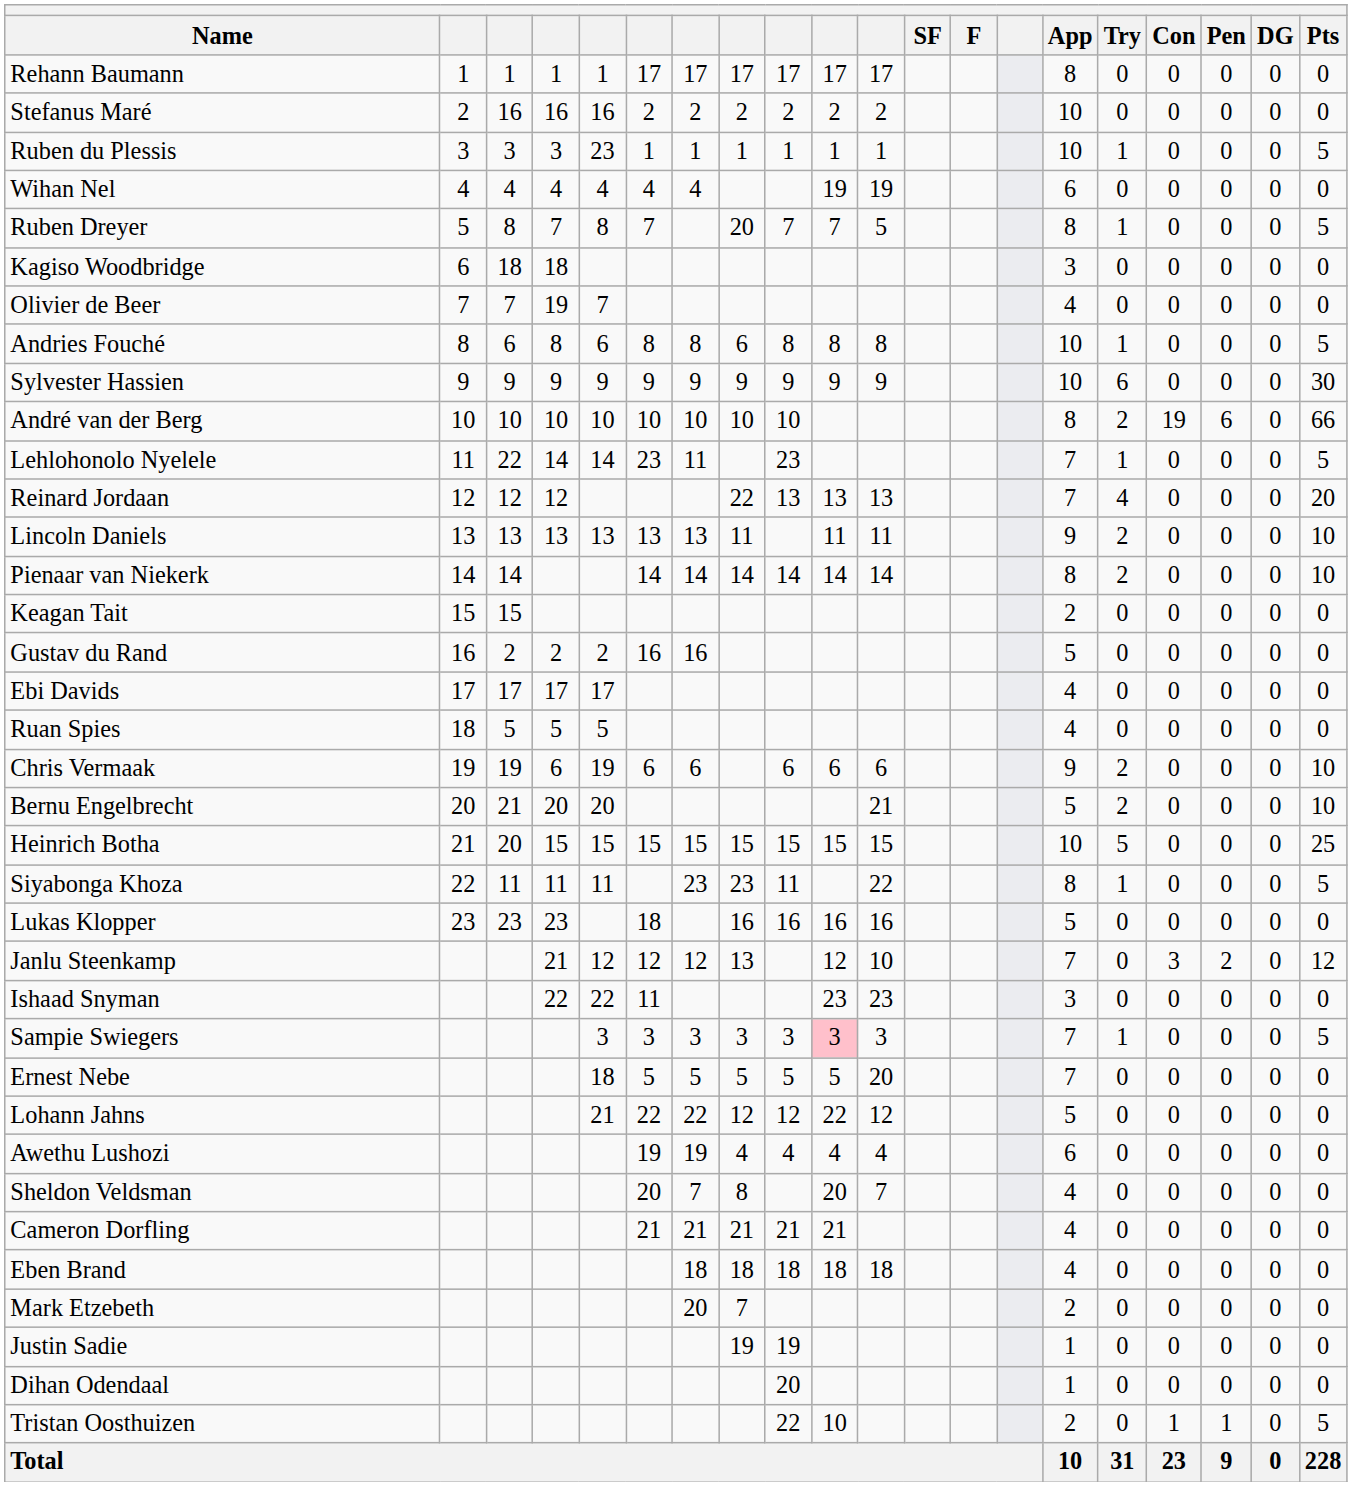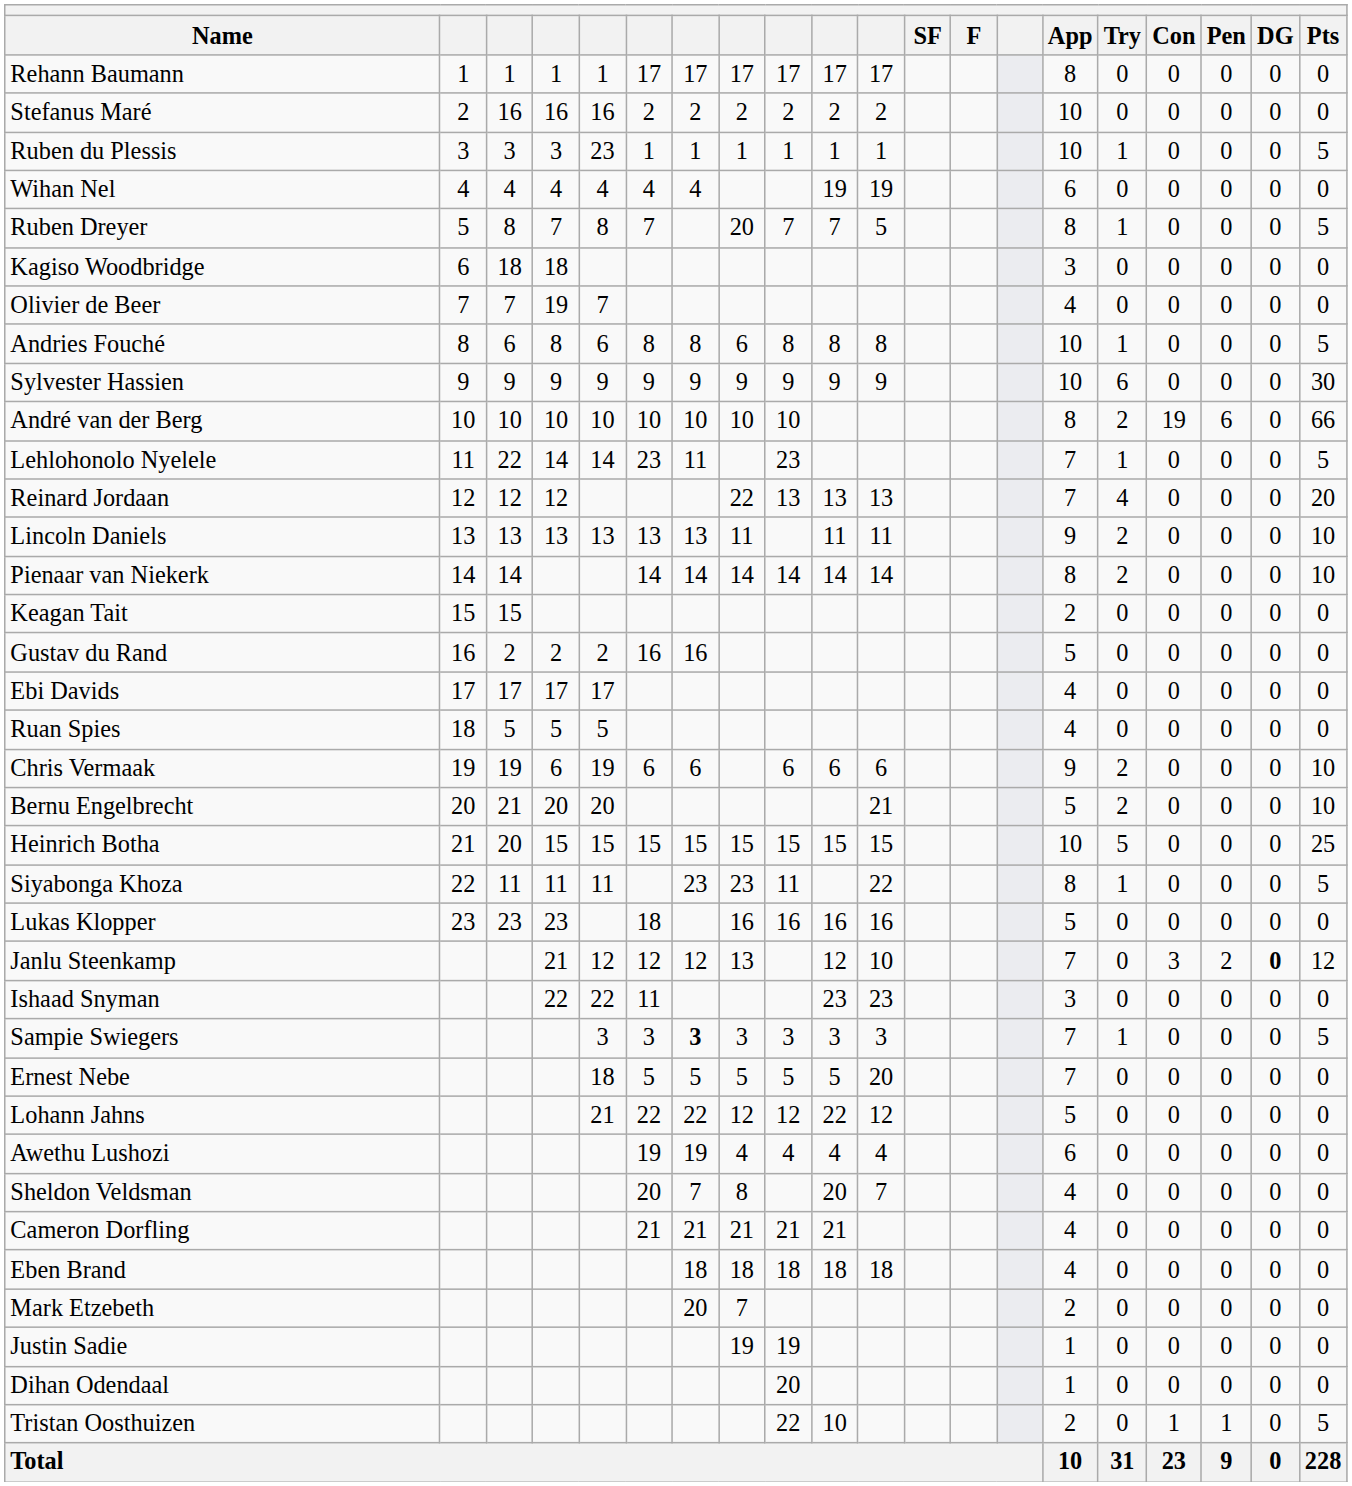 <table class="wikitable collapsible collapsed" style="text-align:center; font-size:100%; width:100%">
 <tr>
 <th colspan="100%"></th>
 </tr>
 <tr>
 <th style="width:33.5%;">Name</th>
 <th style="width:3.5%;"></th>
 <th style="width:3.5%;"></th>
 <th style="width:3.5%;"></th>
 <th style="width:3.5%;"></th>
 <th style="width:3.5%;"></th>
 <th style="width:3.5%;"></th>
 <th style="width:3.5%;"></th>
 <th style="width:3.5%;"></th>
 <th style="width:3.5%;"></th>
 <th style="width:3.5%;"></th>
 <th style="width:3.5%;">SF</th>
 <th style="width:3.5%;">F</th>
 <th style="width:3.5%;"></th>
 <th style="width:3.5%;">App</th>
 <th style="width:3.5%;">Try</th>
 <th style="width:3.5%;">Con</th>
 <th style="width:3.5%;">Pen</th>
 <th style="width:3.5%;">DG</th>
 <th style="width:3.5%;">Pts</th>
 </tr>
 <tr>
 <td style="text-align:left;">Rehann Baumann</td>
 <td>1</td>
 <td>1</td>
 <td>1</td>
 <td>1</td>
 <td>17 </td>
 <td>17</td>
 <td>17 </td>
 <td>17 </td>
 <td>17</td>
 <td>17 </td>
 <td></td>
 <td></td>
 <td style="background:#EBECF0;"></td>
 <td>8</td>
 <td>0</td>
 <td>0</td>
 <td>0</td>
 <td>0</td>
 <td>0</td>
 </tr>
 <tr>
 <td style="text-align:left;">Stefanus Maré</td>
 <td>2</td>
 <td>16 </td>
 <td>16 </td>
 <td>16 </td>
 <td>2</td>
 <td>2</td>
 <td>2</td>
 <td>2</td>
 <td>2</td>
 <td>2</td>
 <td></td>
 <td></td>
 <td style="background:#EBECF0;"></td>
 <td>10</td>
 <td>0</td>
 <td>0</td>
 <td>0</td>
 <td>0</td>
 <td>0</td>
 </tr>
 <tr>
 <td style="text-align:left;">Ruben du Plessis</td>
 <td>3</td>
 <td>3</td>
 <td>3</td>
 <td>23 </td>
 <td>1</td>
 <td>1</td>
 <td>1</td>
 <td>1</td>
 <td>1</td>
 <td>1</td>
 <td></td>
 <td></td>
 <td style="background:#EBECF0;"></td>
 <td>10</td>
 <td>1</td>
 <td>0</td>
 <td>0</td>
 <td>0</td>
 <td>5</td>
 </tr>
 <tr>
 <td style="text-align:left;">Wihan Nel</td>
 <td>4</td>
 <td>4</td>
 <td>4</td>
 <td>4</td>
 <td>4</td>
 <td>4</td>
 <td></td>
 <td></td>
 <td>19</td>
 <td>19</td>
 <td></td>
 <td></td>
 <td style="background:#EBECF0;"></td>
 <td>6</td>
 <td>0</td>
 <td>0</td>
 <td>0</td>
 <td>0</td>
 <td>0</td>
 </tr>
 <tr>
 <td style="text-align:left;">Ruben Dreyer</td>
 <td>5</td>
 <td>8</td>
 <td>7</td>
 <td>8</td>
 <td>7</td>
 <td></td>
 <td>20</td>
 <td>7</td>
 <td>7</td>
 <td>5</td>
 <td></td>
 <td></td>
 <td style="background:#EBECF0;"></td>
 <td>8</td>
 <td>1</td>
 <td>0</td>
 <td>0</td>
 <td>0</td>
 <td>5</td>
 </tr>
 <tr>
 <td style="text-align:left;">Kagiso Woodbridge</td>
 <td>6</td>
 <td>18 </td>
 <td>18 </td>
 <td></td>
 <td></td>
 <td></td>
 <td></td>
 <td></td>
 <td></td>
 <td></td>
 <td></td>
 <td></td>
 <td style="background:#EBECF0;"></td>
 <td>3</td>
 <td>0</td>
 <td>0</td>
 <td>0</td>
 <td>0</td>
 <td>0</td>
 </tr>
 <tr>
 <td style="text-align:left;">Olivier de Beer</td>
 <td>7</td>
 <td>7</td>
 <td>19 </td>
 <td>7</td>
 <td></td>
 <td></td>
 <td></td>
 <td></td>
 <td></td>
 <td></td>
 <td></td>
 <td></td>
 <td style="background:#EBECF0;"></td>
 <td>4</td>
 <td>0</td>
 <td>0</td>
 <td>0</td>
 <td>0</td>
 <td>0</td>
 </tr>
 <tr>
 <td style="text-align:left;">Andries Fouché</td>
 <td>8</td>
 <td>6</td>
 <td>8</td>
 <td>6</td>
 <td>8</td>
 <td>8</td>
 <td>6</td>
 <td>8</td>
 <td>8</td>
 <td>8</td>
 <td></td>
 <td></td>
 <td style="background:#EBECF0;"></td>
 <td>10</td>
 <td>1</td>
 <td>0</td>
 <td>0</td>
 <td>0</td>
 <td>5</td>
 </tr>
 <tr>
 <td style="text-align:left;">Sylvester Hassien</td>
 <td>9</td>
 <td>9</td>
 <td>9</td>
 <td>9</td>
 <td>9</td>
 <td>9</td>
 <td>9</td>
 <td>9</td>
 <td>9</td>
 <td>9</td>
 <td></td>
 <td></td>
 <td style="background:#EBECF0;"></td>
 <td>10</td>
 <td>6</td>
 <td>0</td>
 <td>0</td>
 <td>0</td>
 <td>30</td>
 </tr>
 <tr>
 <td style="text-align:left;">André van der Berg</td>
 <td>10</td>
 <td>10</td>
 <td>10</td>
 <td>10</td>
 <td>10</td>
 <td>10</td>
 <td>10</td>
 <td>10</td>
 <td></td>
 <td></td>
 <td></td>
 <td></td>
 <td style="background:#EBECF0;"></td>
 <td>8</td>
 <td>2</td>
 <td>19</td>
 <td>6</td>
 <td>0</td>
 <td>66</td>
 </tr>
 <tr>
 <td style="text-align:left;">Lehlohonolo Nyelele</td>
 <td>11</td>
 <td>22 </td>
 <td>14</td>
 <td>14</td>
 <td>23 </td>
 <td>11</td>
 <td></td>
 <td>23 </td>
 <td></td>
 <td></td>
 <td></td>
 <td></td>
 <td style="background:#EBECF0;"></td>
 <td>7</td>
 <td>1</td>
 <td>0</td>
 <td>0</td>
 <td>0</td>
 <td>5</td>
 </tr>
 <tr>
 <td style="text-align:left;">Reinard Jordaan</td>
 <td>12</td>
 <td>12</td>
 <td>12</td>
 <td></td>
 <td></td>
 <td></td>
 <td>22 </td>
 <td>13</td>
 <td>13</td>
 <td>13</td>
 <td></td>
 <td></td>
 <td style="background:#EBECF0;"></td>
 <td>7</td>
 <td>4</td>
 <td>0</td>
 <td>0</td>
 <td>0</td>
 <td>20</td>
 </tr>
 <tr>
 <td style="text-align:left;">Lincoln Daniels</td>
 <td>13</td>
 <td>13</td>
 <td>13</td>
 <td>13</td>
 <td>13</td>
 <td>13</td>
 <td>11</td>
 <td></td>
 <td>11</td>
 <td>11</td>
 <td></td>
 <td></td>
 <td style="background:#EBECF0;"></td>
 <td>9</td>
 <td>2</td>
 <td>0</td>
 <td>0</td>
 <td>0</td>
 <td>10</td>
 </tr>
 <tr>
 <td style="text-align:left;">Pienaar van Niekerk</td>
 <td>14</td>
 <td>14</td>
 <td></td>
 <td></td>
 <td>14</td>
 <td>14</td>
 <td>14</td>
 <td>14</td>
 <td>14</td>
 <td>14</td>
 <td></td>
 <td></td>
 <td style="background:#EBECF0;"></td>
 <td>8</td>
 <td>2</td>
 <td>0</td>
 <td>0</td>
 <td>0</td>
 <td>10</td>
 </tr>
 <tr>
 <td style="text-align:left;">Keagan Tait</td>
 <td>15</td>
 <td>15</td>
 <td></td>
 <td></td>
 <td></td>
 <td></td>
 <td></td>
 <td></td>
 <td></td>
 <td></td>
 <td></td>
 <td></td>
 <td style="background:#EBECF0;"></td>
 <td>2</td>
 <td>0</td>
 <td>0</td>
 <td>0</td>
 <td>0</td>
 <td>0</td>
 </tr>
 <tr>
 <td style="text-align:left;">Gustav du Rand</td>
 <td>16 </td>
 <td>2</td>
 <td>2</td>
 <td>2</td>
 <td>16</td>
 <td>16 </td>
 <td></td>
 <td></td>
 <td></td>
 <td></td>
 <td></td>
 <td></td>
 <td style="background:#EBECF0;"></td>
 <td>5</td>
 <td>0</td>
 <td>0</td>
 <td>0</td>
 <td>0</td>
 <td>0</td>
 </tr>
 <tr>
 <td style="text-align:left;">Ebi Davids</td>
 <td>17 </td>
 <td>17 </td>
 <td>17 </td>
 <td>17 </td>
 <td></td>
 <td></td>
 <td></td>
 <td></td>
 <td></td>
 <td></td>
 <td></td>
 <td></td>
 <td style="background:#EBECF0;"></td>
 <td>4</td>
 <td>0</td>
 <td>0</td>
 <td>0</td>
 <td>0</td>
 <td>0</td>
 </tr>
 <tr>
 <td style="text-align:left;">Ruan Spies</td>
 <td>18 </td>
 <td>5</td>
 <td>5</td>
 <td>5</td>
 <td></td>
 <td></td>
 <td></td>
 <td></td>
 <td></td>
 <td></td>
 <td></td>
 <td></td>
 <td style="background:#EBECF0;"></td>
 <td>4</td>
 <td>0</td>
 <td>0</td>
 <td>0</td>
 <td>0</td>
 <td>0</td>
 </tr>
 <tr>
 <td style="text-align:left;">Chris Vermaak</td>
 <td>19 </td>
 <td>19 </td>
 <td>6</td>
 <td>19 </td>
 <td>6</td>
 <td>6</td>
 <td></td>
 <td>6</td>
 <td>6</td>
 <td>6</td>
 <td></td>
 <td></td>
 <td style="background:#EBECF0;"></td>
 <td>9</td>
 <td>2</td>
 <td>0</td>
 <td>0</td>
 <td>0</td>
 <td>10</td>
 </tr>
 <tr>
 <td style="text-align:left;">Bernu Engelbrecht</td>
 <td>20 </td>
 <td>21 </td>
 <td>20 </td>
 <td>20 </td>
 <td></td>
 <td></td>
 <td></td>
 <td></td>
 <td></td>
 <td>21 </td>
 <td></td>
 <td></td>
 <td style="background:#EBECF0;"></td>
 <td>5</td>
 <td>2</td>
 <td>0</td>
 <td>0</td>
 <td>0</td>
 <td>10</td>
 </tr>
 <tr>
 <td style="text-align:left;">Heinrich Botha</td>
 <td>21 </td>
 <td>20 </td>
 <td>15</td>
 <td>15</td>
 <td>15</td>
 <td>15</td>
 <td>15</td>
 <td>15</td>
 <td>15</td>
 <td>15</td>
 <td></td>
 <td></td>
 <td style="background:#EBECF0;"></td>
 <td>10</td>
 <td>5</td>
 <td>0</td>
 <td>0</td>
 <td>0</td>
 <td>25</td>
 </tr>
 <tr>
 <td style="text-align:left;">Siyabonga Khoza</td>
 <td>22 </td>
 <td>11</td>
 <td>11</td>
 <td>11</td>
 <td></td>
 <td>23 </td>
 <td>23 </td>
 <td>11</td>
 <td></td>
 <td>22 </td>
 <td></td>
 <td></td>
 <td style="background:#EBECF0;"></td>
 <td>8</td>
 <td>1</td>
 <td>0</td>
 <td>0</td>
 <td>0</td>
 <td>5</td>
 </tr>
 <tr>
 <td style="text-align:left;">Lukas Klopper</td>
 <td>23</td>
 <td>23 </td>
 <td>23 </td>
 <td></td>
 <td>18 </td>
 <td></td>
 <td>16 </td>
 <td>16 </td>
 <td>16</td>
 <td>16</td>
 <td></td>
 <td></td>
 <td style="background:#EBECF0;"></td>
 <td>5</td>
 <td>0</td>
 <td>0</td>
 <td>0</td>
 <td>0</td>
 <td>0</td>
 </tr>
 <tr>
 <td style="text-align:left;">Janlu Steenkamp</td>
 <td></td>
 <td></td>
 <td>21 </td>
 <td>12</td>
 <td>12</td>
 <td>12</td>
 <td>13</td>
 <td></td>
 <td>12</td>
 <td>10</td>
 <td></td>
 <td></td>
 <td style="background:#EBECF0;"></td>
 <td>7</td>
 <td>0</td>
 <td>3</td>
 <td>2</td>
-<td>0</td>
+<td><strong>0</strong></td>
 <td>12</td>
 </tr>
 <tr>
 <td style="text-align:left;">Ishaad Snyman</td>
 <td></td>
 <td></td>
 <td>22 </td>
 <td>22</td>
 <td>11</td>
 <td></td>
 <td></td>
 <td></td>
 <td>23</td>
 <td>23 </td>
 <td></td>
 <td></td>
 <td style="background:#EBECF0;"></td>
 <td>3</td>
 <td>0</td>
 <td>0</td>
 <td>0</td>
 <td>0</td>
 <td>0</td>
 </tr>
 <tr>
 <td style="text-align:left;">Sampie Swiegers</td>
 <td></td>
 <td></td>
 <td></td>
 <td>3</td>
 <td>3</td>
+<td><strong>3</strong></td>
 <td>3</td>
 <td>3</td>
 <td>3</td>
-<td style="background: pink;">3</td>
 <td>3</td>
 <td></td>
 <td></td>
 <td style="background:#EBECF0;"></td>
 <td>7</td>
 <td>1</td>
 <td>0</td>
 <td>0</td>
 <td>0</td>
 <td>5</td>
 </tr>
 <tr>
 <td style="text-align:left;">Ernest Nebe</td>
 <td></td>
 <td></td>
 <td></td>
 <td>18 </td>
 <td>5</td>
 <td>5</td>
 <td>5</td>
 <td>5</td>
 <td>5</td>
 <td>20 </td>
 <td></td>
 <td></td>
 <td style="background:#EBECF0;"></td>
 <td>7</td>
 <td>0</td>
 <td>0</td>
 <td>0</td>
 <td>0</td>
 <td>0</td>
 </tr>
 <tr>
 <td style="text-align:left;">Lohann Jahns</td>
 <td></td>
 <td></td>
 <td></td>
 <td>21</td>
 <td>22 </td>
 <td>22 </td>
 <td>12</td>
 <td>12</td>
 <td>22</td>
 <td>12</td>
 <td></td>
 <td></td>
 <td style="background:#EBECF0;"></td>
 <td>5</td>
 <td>0</td>
 <td>0</td>
 <td>0</td>
 <td>0</td>
 <td>0</td>
 </tr>
 <tr>
 <td style="text-align:left;">Awethu Lushozi</td>
 <td></td>
 <td></td>
 <td></td>
 <td></td>
 <td>19 </td>
 <td>19 </td>
 <td>4</td>
 <td>4</td>
 <td>4</td>
 <td>4</td>
 <td></td>
 <td></td>
 <td style="background:#EBECF0;"></td>
 <td>6</td>
 <td>0</td>
 <td>0</td>
 <td>0</td>
 <td>0</td>
 <td>0</td>
 </tr>
 <tr>
 <td style="text-align:left;">Sheldon Veldsman</td>
 <td></td>
 <td></td>
 <td></td>
 <td></td>
 <td>20 </td>
 <td>7</td>
 <td>8</td>
 <td></td>
 <td>20</td>
 <td>7</td>
 <td></td>
 <td></td>
 <td style="background:#EBECF0;"></td>
 <td>4</td>
 <td>0</td>
 <td>0</td>
 <td>0</td>
 <td>0</td>
 <td>0</td>
 </tr>
 <tr>
 <td style="text-align:left;">Cameron Dorfling</td>
 <td></td>
 <td></td>
 <td></td>
 <td></td>
 <td>21 </td>
 <td>21 </td>
 <td>21 </td>
 <td>21 </td>
 <td>21</td>
 <td></td>
 <td></td>
 <td></td>
 <td style="background:#EBECF0;"></td>
 <td>4</td>
 <td>0</td>
 <td>0</td>
 <td>0</td>
 <td>0</td>
 <td>0</td>
 </tr>
 <tr>
 <td style="text-align:left;">Eben Brand</td>
 <td></td>
 <td></td>
 <td></td>
 <td></td>
 <td></td>
 <td>18 </td>
 <td>18 </td>
 <td>18 </td>
 <td>18</td>
 <td>18 </td>
 <td></td>
 <td></td>
 <td style="background:#EBECF0;"></td>
 <td>4</td>
 <td>0</td>
 <td>0</td>
 <td>0</td>
 <td>0</td>
 <td>0</td>
 </tr>
 <tr>
 <td style="text-align:left;">Mark Etzebeth</td>
 <td></td>
 <td></td>
 <td></td>
 <td></td>
 <td></td>
 <td>20 </td>
 <td>7</td>
 <td></td>
 <td></td>
 <td></td>
 <td></td>
 <td></td>
 <td style="background:#EBECF0;"></td>
 <td>2</td>
 <td>0</td>
 <td>0</td>
 <td>0</td>
 <td>0</td>
 <td>0</td>
 </tr>
 <tr>
 <td style="text-align:left;">Justin Sadie</td>
 <td></td>
 <td></td>
 <td></td>
 <td></td>
 <td></td>
 <td></td>
 <td>19</td>
 <td>19 </td>
 <td></td>
 <td></td>
 <td></td>
 <td></td>
 <td style="background:#EBECF0;"></td>
 <td>1</td>
 <td>0</td>
 <td>0</td>
 <td>0</td>
 <td>0</td>
 <td>0</td>
 </tr>
 <tr>
 <td style="text-align:left;">Dihan Odendaal</td>
 <td></td>
 <td></td>
 <td></td>
 <td></td>
 <td></td>
 <td></td>
 <td></td>
 <td>20 </td>
 <td></td>
 <td></td>
 <td></td>
 <td></td>
 <td style="background:#EBECF0;"></td>
 <td>1</td>
 <td>0</td>
 <td>0</td>
 <td>0</td>
 <td>0</td>
 <td>0</td>
 </tr>
 <tr>
 <td style="text-align:left;">Tristan Oosthuizen</td>
 <td></td>
 <td></td>
 <td></td>
 <td></td>
 <td></td>
 <td></td>
 <td></td>
 <td>22 </td>
 <td>10</td>
 <td></td>
 <td></td>
 <td></td>
 <td style="background:#EBECF0;"></td>
 <td>2</td>
 <td>0</td>
 <td>1</td>
 <td>1</td>
 <td>0</td>
 <td>5</td>
 </tr>
 <tr>
 <th colspan="14" style="text-align:left;">Total</th>
 <th>10</th>
 <th>31</th>
 <th>23</th>
 <th>9</th>
 <th>0</th>
 <th>228</th>
 </tr>
 </table>
